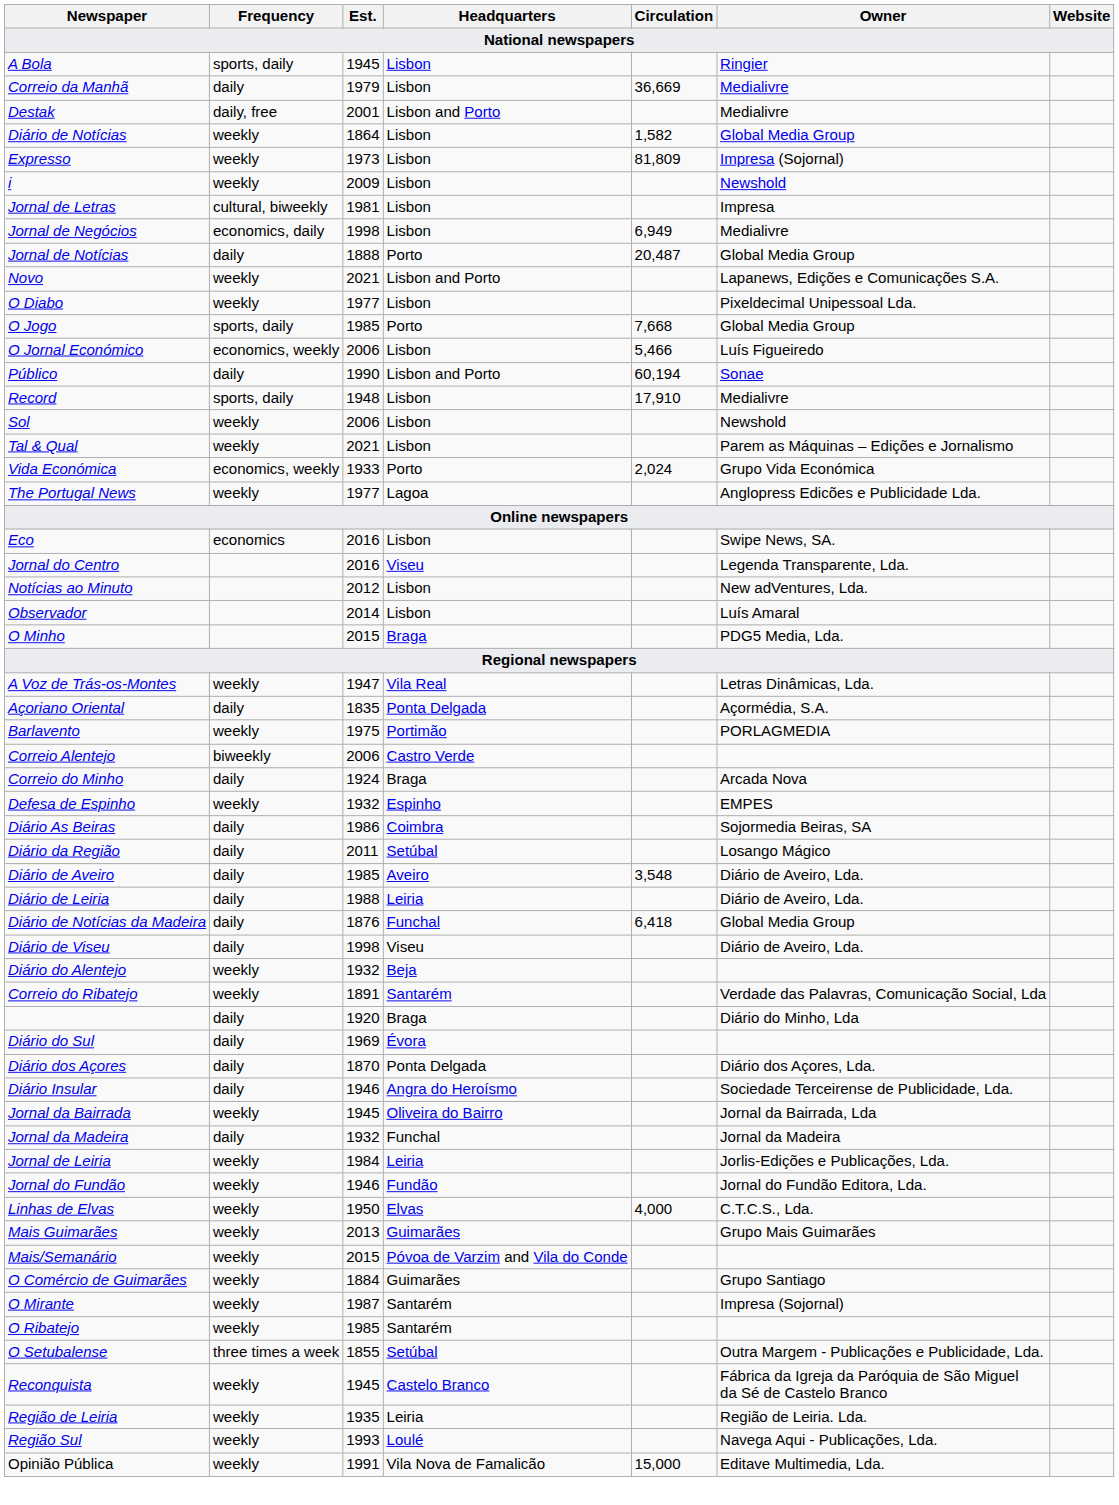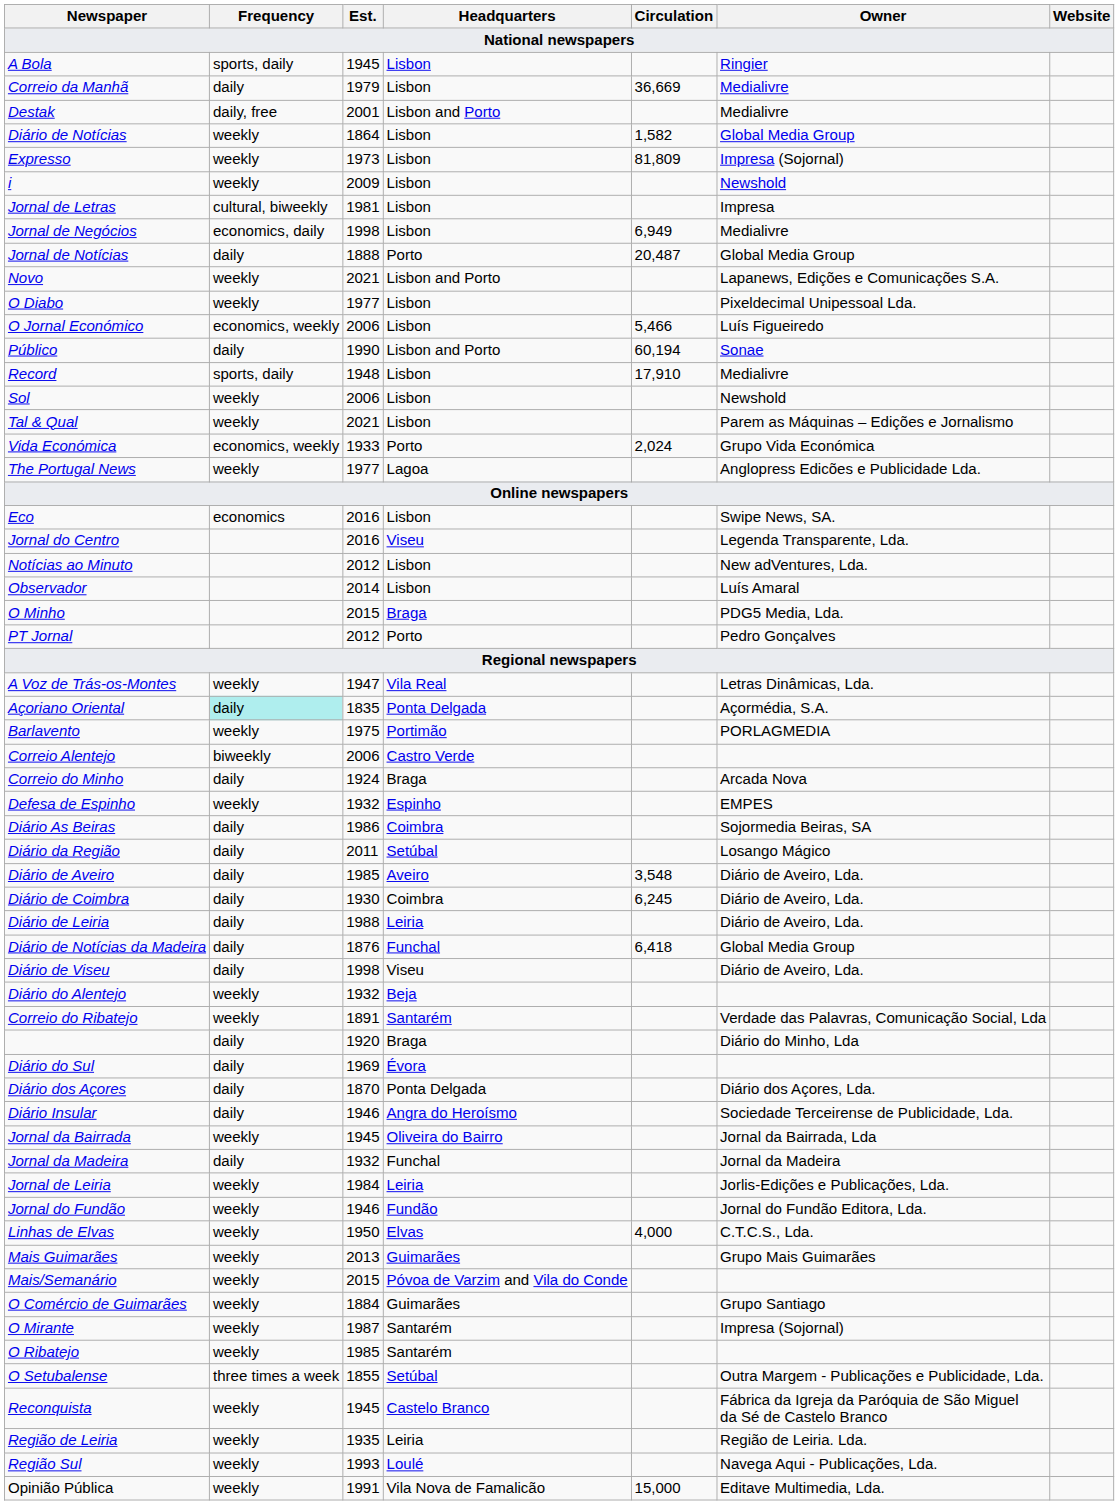 <table class="wikitable sortable">
 <tr>
 <th>Newspaper</th>
 <th>Frequency</th>
 <th>Est.</th>
 <th>Headquarters</th>
 <th>Circulation</th>
 <th>Owner</th>
 <th>Website</th>
 </tr>
 <tr>
 <td colspan="7" align="center" style="background:#eaecf0;"><strong>National newspapers</strong></td>
 </tr>
 <tr>
 <td><em><a href='#'>A Bola</a></em></td>
 <td>sports, daily</td>
 <td>1945</td>
 <td><a href='#'>Lisbon</a></td>
 <td></td>
 <td><a href='#'>Ringier</a></td>
 <td></td>
 </tr>
 <tr>
 <td><em><a href='#'>Correio da Manhã</a></em></td>
 <td>daily</td>
 <td>1979</td>
 <td>Lisbon</td>
 <td>36,669</td>
 <td><a href='#'>Medialivre</a></td>
 <td></td>
 </tr>
 <tr>
 <td><em><a href='#'>Destak</a></em></td>
 <td>daily, free</td>
 <td>2001</td>
 <td>Lisbon and <a href='#'>Porto</a></td>
 <td></td>
 <td>Medialivre</td>
 <td></td>
 </tr>
 <tr>
 <td><em><a href='#'>Diário de Notícias</a></em></td>
 <td>weekly</td>
 <td>1864</td>
 <td>Lisbon</td>
 <td>1,582</td>
 <td><a href='#'>Global Media Group</a></td>
 <td></td>
 </tr>
 <tr>
 <td><em><a href='#'>Expresso</a></em></td>
 <td>weekly</td>
 <td>1973</td>
 <td>Lisbon</td>
 <td>81,809</td>
 <td><a href='#'>Impresa</a> (Sojornal)</td>
 <td></td>
 </tr>
 <tr>
 <td><em><a href='#'>i</a></em></td>
 <td>weekly</td>
 <td>2009</td>
 <td>Lisbon</td>
 <td></td>
 <td><a href='#'>Newshold</a></td>
 <td></td>
 </tr>
 <tr>
 <td><em><a href='#'>Jornal de Letras</a></em></td>
 <td>cultural, biweekly</td>
 <td>1981</td>
 <td>Lisbon</td>
 <td></td>
 <td>Impresa</td>
 <td></td>
 </tr>
 <tr>
 <td><em><a href='#'>Jornal de Negócios</a></em></td>
 <td>economics, daily</td>
 <td>1998</td>
 <td>Lisbon</td>
 <td>6,949</td>
 <td>Medialivre</td>
 <td></td>
 </tr>
 <tr>
 <td><em><a href='#'>Jornal de Notícias</a></em></td>
 <td>daily</td>
 <td>1888</td>
 <td>Porto</td>
 <td>20,487</td>
 <td>Global Media Group</td>
 <td></td>
 </tr>
 <tr>
 <td><em><a href='#'>Novo</a></em></td>
 <td>weekly</td>
 <td>2021</td>
 <td>Lisbon and Porto</td>
 <td></td>
 <td>Lapanews, Edições e Comunicações S.A.</td>
 <td></td>
 </tr>
 <tr>
 <td><em><a href='#'>O Diabo</a></em></td>
 <td>weekly</td>
 <td>1977</td>
 <td>Lisbon</td>
 <td></td>
 <td>Pixeldecimal Unipessoal Lda.</td>
-<td></td>
-</tr>
-<tr>
-<td><em><a href='#'>O Jogo</a></em></td>
-<td>sports, daily</td>
-<td>1985</td>
-<td>Porto</td>
-<td>7,668</td>
-<td>Global Media Group</td>
 <td></td>
 </tr>
 <tr>
 <td><em><a href='#'>O Jornal Económico</a></em></td>
 <td>economics, weekly</td>
 <td>2006</td>
 <td>Lisbon</td>
 <td>5,466</td>
 <td>Luís Figueiredo</td>
 <td></td>
 </tr>
 <tr>
 <td><em><a href='#'>Público</a></em></td>
 <td>daily</td>
 <td>1990</td>
 <td>Lisbon and Porto</td>
 <td>60,194</td>
 <td><a href='#'>Sonae</a></td>
 <td></td>
 </tr>
 <tr>
 <td><em><a href='#'>Record</a></em></td>
 <td>sports, daily</td>
 <td>1948</td>
 <td>Lisbon</td>
 <td>17,910</td>
 <td>Medialivre</td>
 <td></td>
 </tr>
 <tr>
 <td><em><a href='#'>Sol</a></em></td>
 <td>weekly</td>
 <td>2006</td>
 <td>Lisbon</td>
 <td></td>
 <td>Newshold</td>
 <td></td>
 </tr>
 <tr>
 <td><em><a href='#'>Tal & Qual</a></em></td>
 <td>weekly</td>
 <td>2021</td>
 <td>Lisbon</td>
 <td></td>
 <td>Parem as Máquinas – Edições e Jornalismo</td>
 <td></td>
 </tr>
 <tr>
 <td><em><a href='#'>Vida Económica</a></em></td>
 <td>economics, weekly</td>
 <td>1933</td>
 <td>Porto</td>
 <td>2,024</td>
 <td>Grupo Vida Económica</td>
 <td></td>
 </tr>
 <tr>
 <td><em><a href='#'>The Portugal News</a></em></td>
 <td>weekly</td>
 <td>1977</td>
 <td>Lagoa</td>
 <td></td>
 <td>Anglopress Edicões e Publicidade Lda.</td>
 <td></td>
 </tr>
 <tr>
 <td colspan="7" align="center" style="background:#eaecf0;"><strong>Online newspapers</strong></td>
 </tr>
 <tr>
 <td><em><a href='#'>Eco</a></em></td>
 <td>economics</td>
 <td>2016</td>
 <td>Lisbon</td>
 <td></td>
 <td>Swipe News, SA.</td>
 <td></td>
 </tr>
 <tr>
 <td><em><a href='#'>Jornal do Centro</a></em></td>
 <td></td>
 <td>2016</td>
 <td><a href='#'>Viseu</a></td>
 <td></td>
 <td>Legenda Transparente, Lda.</td>
 <td></td>
 </tr>
 <tr>
 <td><em><a href='#'>Notícias ao Minuto</a></em></td>
 <td></td>
 <td>2012</td>
 <td>Lisbon</td>
 <td></td>
 <td>New adVentures, Lda.</td>
 <td></td>
 </tr>
 <tr>
 <td><em><a href='#'>Observador</a></em></td>
 <td></td>
 <td>2014</td>
 <td>Lisbon</td>
 <td></td>
 <td>Luís Amaral</td>
 <td></td>
 </tr>
 <tr>
 <td><em><a href='#'>O Minho</a></em></td>
 <td></td>
 <td>2015</td>
 <td><a href='#'>Braga</a></td>
 <td></td>
 <td>PDG5 Media, Lda.</td>
 <td></td>
 </tr>
 <tr>
+<td><em><a href='#'>PT Jornal</a></em></td>
+<td></td>
+<td>2012</td>
+<td>Porto</td>
+<td></td>
+<td>Pedro Gonçalves</td>
+<td></td>
+</tr>
+<tr>
 <td colspan="7" align="center" style="background:#eaecf0;"><strong>Regional newspapers</strong></td>
 </tr>
 <tr>
 <td><em><a href='#'>A Voz de Trás-os-Montes</a></em></td>
 <td>weekly</td>
 <td>1947</td>
 <td><a href='#'>Vila Real</a></td>
 <td></td>
 <td>Letras Dinâmicas, Lda.</td>
 <td></td>
 </tr>
 <tr>
 <td><em><a href='#'>Açoriano Oriental</a></em></td>
-<td>daily</td>
+<td style="background: paleturquoise;">daily</td>
 <td>1835</td>
 <td><a href='#'>Ponta Delgada</a></td>
 <td></td>
 <td>Açormédia, S.A.</td>
 <td></td>
 </tr>
 <tr>
 <td><em><a href='#'>Barlavento</a></em></td>
 <td>weekly</td>
 <td>1975</td>
 <td><a href='#'>Portimão</a></td>
 <td></td>
 <td>PORLAGMEDIA</td>
 <td></td>
 </tr>
 <tr>
 <td><em><a href='#'>Correio Alentejo</a></em></td>
 <td>biweekly</td>
 <td>2006</td>
 <td><a href='#'>Castro Verde</a></td>
 <td></td>
 <td></td>
 <td></td>
 </tr>
 <tr>
 <td><em><a href='#'>Correio do Minho</a></em></td>
 <td>daily</td>
 <td>1924</td>
 <td>Braga</td>
 <td></td>
 <td>Arcada Nova</td>
 <td></td>
 </tr>
 <tr>
 <td><em><a href='#'>Defesa de Espinho</a></em></td>
 <td>weekly</td>
 <td>1932</td>
 <td><a href='#'>Espinho</a></td>
 <td></td>
 <td>EMPES</td>
 <td></td>
 </tr>
 <tr>
 <td><em><a href='#'>Diário As Beiras</a></em></td>
 <td>daily</td>
 <td>1986</td>
 <td><a href='#'>Coimbra</a></td>
 <td></td>
 <td>Sojormedia Beiras, SA</td>
 <td></td>
 </tr>
 <tr>
 <td><em><a href='#'>Diário da Região</a></em></td>
 <td>daily</td>
 <td>2011</td>
 <td><a href='#'>Setúbal</a></td>
 <td></td>
 <td>Losango Mágico</td>
 <td></td>
 </tr>
 <tr>
 <td><em><a href='#'>Diário de Aveiro</a></em></td>
 <td>daily</td>
 <td>1985</td>
 <td><a href='#'>Aveiro</a></td>
 <td>3,548</td>
+<td>Diário de Aveiro, Lda.</td>
+<td></td>
+</tr>
+<tr>
+<td><em><a href='#'>Diário de Coimbra</a></em></td>
+<td>daily</td>
+<td>1930</td>
+<td>Coimbra</td>
+<td>6,245</td>
 <td>Diário de Aveiro, Lda.</td>
 <td></td>
 </tr>
 <tr>
 <td><em><a href='#'>Diário de Leiria</a></em></td>
 <td>daily</td>
 <td>1988</td>
 <td><a href='#'>Leiria</a></td>
 <td></td>
 <td>Diário de Aveiro, Lda.</td>
 <td></td>
 </tr>
 <tr>
 <td><em><a href='#'>Diário de Notícias da Madeira</a></em></td>
 <td>daily</td>
 <td>1876</td>
 <td><a href='#'>Funchal</a></td>
 <td>6,418</td>
 <td>Global Media Group</td>
 <td></td>
 </tr>
 <tr>
 <td><em><a href='#'>Diário de Viseu</a></em></td>
 <td>daily</td>
 <td>1998</td>
 <td>Viseu</td>
 <td></td>
 <td>Diário de Aveiro, Lda.</td>
 <td></td>
 </tr>
 <tr>
 <td><em><a href='#'>Diário do Alentejo</a></em></td>
 <td>weekly</td>
 <td>1932</td>
 <td><a href='#'>Beja</a></td>
 <td></td>
 <td></td>
 <td></td>
 </tr>
 <tr>
 <td><em><a href='#'>Correio do Ribatejo</a></em></td>
 <td>weekly</td>
 <td>1891</td>
 <td><a href='#'>Santarém</a></td>
 <td></td>
 <td>Verdade das Palavras, Comunicação Social, Lda</td>
 <td></td>
 </tr>
 <tr>
 <td><em></em></td>
 <td>daily</td>
 <td>1920</td>
 <td>Braga</td>
 <td></td>
 <td>Diário do Minho, Lda</td>
 <td></td>
 </tr>
 <tr>
 <td><em><a href='#'>Diário do Sul</a></em></td>
 <td>daily</td>
 <td>1969</td>
 <td><a href='#'>Évora</a></td>
 <td></td>
 <td></td>
 <td></td>
 </tr>
 <tr>
 <td><em><a href='#'>Diário dos Açores</a></em></td>
 <td>daily</td>
 <td>1870</td>
 <td>Ponta Delgada</td>
 <td></td>
 <td>Diário dos Açores, Lda.</td>
 <td></td>
 </tr>
 <tr>
 <td><em><a href='#'>Diário Insular</a></em></td>
 <td>daily</td>
 <td>1946</td>
 <td><a href='#'>Angra do Heroísmo</a></td>
 <td></td>
 <td>Sociedade Terceirense de Publicidade, Lda.</td>
 <td></td>
 </tr>
 <tr>
 <td><em><a href='#'>Jornal da Bairrada</a></em></td>
 <td>weekly</td>
 <td>1945</td>
 <td><a href='#'>Oliveira do Bairro</a></td>
 <td></td>
 <td>Jornal da  Bairrada, Lda</td>
 <td></td>
 </tr>
 <tr>
 <td><em><a href='#'>Jornal da Madeira</a></em></td>
 <td>daily</td>
 <td>1932</td>
 <td>Funchal</td>
 <td></td>
 <td>Jornal da Madeira</td>
 <td></td>
 </tr>
 <tr>
 <td><em><a href='#'>Jornal de Leiria</a></em></td>
 <td>weekly</td>
 <td>1984</td>
 <td><a href='#'>Leiria</a></td>
 <td></td>
 <td>Jorlis-Edições e Publicações, Lda.</td>
 <td></td>
 </tr>
 <tr>
 <td><em><a href='#'>Jornal do Fundão</a></em></td>
 <td>weekly</td>
 <td>1946</td>
 <td><a href='#'>Fundão</a></td>
 <td></td>
 <td>Jornal do Fundão Editora, Lda.</td>
 <td></td>
 </tr>
 <tr>
 <td><em><a href='#'>Linhas de Elvas</a></em></td>
 <td>weekly</td>
 <td>1950</td>
 <td><a href='#'>Elvas</a></td>
 <td>4,000</td>
 <td>C.T.C.S., Lda.</td>
 <td></td>
 </tr>
 <tr>
 <td><em><a href='#'>Mais Guimarães</a></em></td>
 <td>weekly</td>
 <td>2013</td>
 <td><a href='#'>Guimarães</a></td>
 <td></td>
 <td>Grupo Mais Guimarães</td>
 <td></td>
 </tr>
 <tr>
 <td><em><a href='#'>Mais/Semanário</a></em></td>
 <td>weekly</td>
 <td>2015</td>
 <td><a href='#'>Póvoa de Varzim</a> and <a href='#'>Vila do Conde</a></td>
 <td></td>
 <td></td>
 <td></td>
 </tr>
 <tr>
 <td><em><a href='#'>O Comércio de Guimarães</a></em></td>
 <td>weekly</td>
 <td>1884</td>
 <td>Guimarães</td>
 <td></td>
 <td>Grupo Santiago</td>
 <td></td>
 </tr>
 <tr>
 <td><em><a href='#'>O Mirante</a></em></td>
 <td>weekly</td>
 <td>1987</td>
 <td>Santarém</td>
 <td></td>
 <td>Impresa (Sojornal)</td>
 <td></td>
 </tr>
 <tr>
 <td><em><a href='#'>O Ribatejo</a></em></td>
 <td>weekly</td>
 <td>1985</td>
 <td>Santarém</td>
 <td></td>
 <td></td>
 <td></td>
 </tr>
 <tr>
 <td><em><a href='#'>O Setubalense</a></em></td>
 <td>three times a week</td>
 <td>1855</td>
 <td><a href='#'>Setúbal</a></td>
 <td></td>
 <td>Outra Margem - Publicações e Publicidade, Lda.</td>
 <td></td>
 </tr>
 <tr>
 <td><em><a href='#'>Reconquista</a></em></td>
 <td>weekly</td>
 <td>1945</td>
 <td><a href='#'>Castelo Branco</a></td>
 <td></td>
 <td>Fábrica da Igreja da Paróquia de São Miguel<br> da Sé de Castelo Branco</td>
 <td></td>
 </tr>
 <tr>
 <td><em><a href='#'>Região de Leiria</a></em></td>
 <td>weekly</td>
 <td>1935</td>
 <td>Leiria</td>
 <td></td>
 <td>Região de Leiria. Lda.</td>
 <td></td>
 </tr>
 <tr>
 <td><em><a href='#'>Região Sul</a></em></td>
 <td>weekly</td>
 <td>1993</td>
 <td><a href='#'>Loulé</a></td>
 <td></td>
 <td>Navega Aqui - Publicações, Lda.</td>
 <td></td>
 </tr>
 <tr>
 <td>Opinião Pública</td>
 <td>weekly</td>
 <td>1991</td>
 <td>Vila Nova de Famalicão</td>
 <td>15,000</td>
 <td>Editave Multimedia, Lda.</td>
 <td></td>
 </tr>
 </table>
